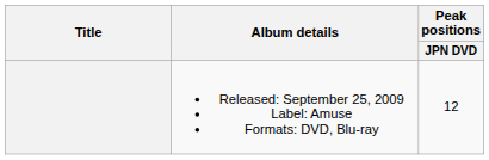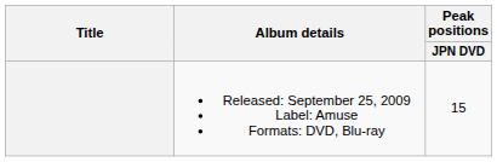 <table class="wikitable plainrowheaders" style="text-align:center;">
 <tr>
 <th style="width:12em;" rowspan="2">Title</th>
 <th style="width:18em;" rowspan="2">Album details</th>
 <th>Peak positions</th>
 </tr>
 <tr>
 <th scope="col" style="width:3em;font-size:90%;">JPN DVD<br></th>
 </tr>
 <tr>
 <th scope="row"></th>
 <td><br><ul><li>Released: September 25, 2009 </li><li>Label: Amuse</li><li>Formats: DVD, Blu-ray</li></ul></td>
-<td>12</td>
+<td>15</td>
 </tr>
 </table>
